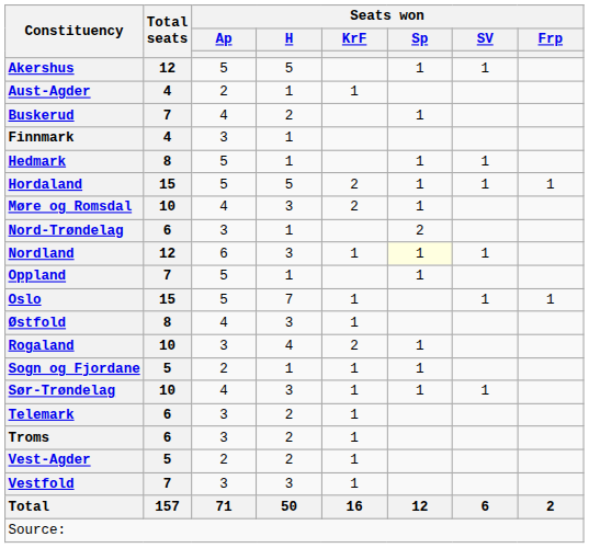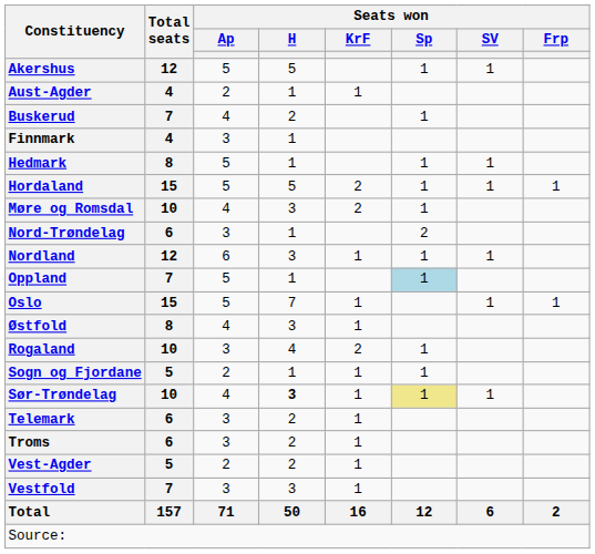 <table class="wikitable" style="text-align:center; font-size: 0.9em;">
 <tr>
 <th rowspan="3">Constituency</th>
 <th rowspan="3">Total<br>seats</th>
 <th colspan="6">Seats won</th>
 </tr>
 <tr>
 <th class="unsortable" style="width:50px;"><a href='#'>Ap</a></th>
 <th class="unsortable" style="width:50px;"><a href='#'>H</a></th>
 <th class="unsortable" style="width:50px;"><a href='#'>KrF</a></th>
 <th class="unsortable" style="width:50px;"><a href='#'>Sp</a></th>
 <th class="unsortable" style="width:50px;"><a href='#'>SV</a></th>
 <th class="unsortable" style="width:50px;"><a href='#'>Frp</a></th>
 </tr>
 <tr>
 <th style="background:"></th>
 <th style="background:"></th>
 <th style="background:"></th>
 <th style="background:"></th>
 <th style="background:"></th>
 <th style="background:"></th>
 </tr>
 <tr>
 <th style="text-align: left;"><a href='#'>Akershus</a></th>
 <th>12</th>
 <td>5</td>
 <td>5</td>
 <td></td>
 <td>1</td>
 <td>1</td>
 <td></td>
 </tr>
 <tr>
 <th style="text-align: left;"><a href='#'>Aust-Agder</a></th>
 <th>4</th>
 <td>2</td>
 <td>1</td>
 <td>1</td>
 <td></td>
 <td></td>
 <td></td>
 </tr>
 <tr>
 <th style="text-align: left;"><a href='#'>Buskerud</a></th>
 <th>7</th>
 <td>4</td>
 <td>2</td>
 <td></td>
 <td>1</td>
 <td></td>
 <td></td>
 </tr>
 <tr>
 <th style="text-align: left;">Finnmark</th>
 <th>4</th>
 <td>3</td>
 <td>1</td>
 <td></td>
 <td></td>
 <td></td>
 <td></td>
 </tr>
 <tr>
 <th style="text-align: left;"><a href='#'>Hedmark</a></th>
 <th>8</th>
 <td>5</td>
 <td>1</td>
 <td></td>
 <td>1</td>
 <td>1</td>
 <td></td>
 </tr>
 <tr>
 <th style="text-align: left;"><a href='#'>Hordaland</a></th>
 <th>15</th>
 <td>5</td>
 <td>5</td>
 <td>2</td>
 <td>1</td>
 <td>1</td>
 <td>1</td>
 </tr>
 <tr>
 <th style="text-align: left;"><a href='#'>Møre og Romsdal</a></th>
 <th>10</th>
 <td>4</td>
 <td>3</td>
 <td>2</td>
 <td>1</td>
 <td></td>
 <td></td>
 </tr>
 <tr>
 <th style="text-align: left;"><a href='#'>Nord-Trøndelag</a></th>
 <th>6</th>
 <td>3</td>
 <td>1</td>
 <td></td>
 <td>2</td>
 <td></td>
 <td></td>
 </tr>
 <tr>
 <th style="text-align: left;"><a href='#'>Nordland</a></th>
 <th>12</th>
 <td>6</td>
 <td>3</td>
 <td>1</td>
-<td style="background: lightyellow;">1</td>
+<td>1</td>
 <td>1</td>
 <td></td>
 </tr>
 <tr>
 <th style="text-align: left;"><a href='#'>Oppland</a></th>
 <th>7</th>
 <td>5</td>
 <td>1</td>
 <td></td>
-<td>1</td>
+<td style="background: lightblue;">1</td>
 <td></td>
 <td></td>
 </tr>
 <tr>
 <th style="text-align: left;"><a href='#'>Oslo</a></th>
 <th>15</th>
 <td>5</td>
 <td>7</td>
 <td>1</td>
 <td></td>
 <td>1</td>
 <td>1</td>
 </tr>
 <tr>
 <th style="text-align: left;"><a href='#'>Østfold</a></th>
 <th>8</th>
 <td>4</td>
 <td>3</td>
 <td>1</td>
 <td></td>
 <td></td>
 <td></td>
 </tr>
 <tr>
 <th style="text-align: left;"><a href='#'>Rogaland</a></th>
 <th>10</th>
 <td>3</td>
 <td>4</td>
 <td>2</td>
 <td>1</td>
 <td></td>
 <td></td>
 </tr>
 <tr>
 <th style="text-align: left;"><a href='#'>Sogn og Fjordane</a></th>
 <th>5</th>
 <td>2</td>
 <td>1</td>
 <td>1</td>
 <td>1</td>
 <td></td>
 <td></td>
 </tr>
 <tr>
 <th style="text-align: left;"><a href='#'>Sør-Trøndelag</a></th>
 <th>10</th>
 <td>4</td>
-<td>3</td>
+<td><strong>3</strong></td>
 <td>1</td>
-<td>1</td>
+<td style="background: khaki;">1</td>
 <td>1</td>
 <td></td>
 </tr>
 <tr>
 <th style="text-align: left;"><a href='#'>Telemark</a></th>
 <th>6</th>
 <td>3</td>
 <td>2</td>
 <td>1</td>
 <td></td>
 <td></td>
 <td></td>
 </tr>
 <tr>
 <th style="text-align: left;">Troms</th>
 <th>6</th>
 <td>3</td>
 <td>2</td>
 <td>1</td>
 <td></td>
 <td></td>
 <td></td>
 </tr>
 <tr>
 <th style="text-align: left;"><a href='#'>Vest-Agder</a></th>
 <th>5</th>
 <td>2</td>
 <td>2</td>
 <td>1</td>
 <td></td>
 <td></td>
 <td></td>
 </tr>
 <tr>
 <th style="text-align: left;"><a href='#'>Vestfold</a></th>
 <th>7</th>
 <td>3</td>
 <td>3</td>
 <td>1</td>
 <td></td>
 <td></td>
 <td></td>
 </tr>
 <tr>
 <th style="text-align: left;">Total</th>
 <th>157</th>
 <th>71</th>
 <th>50</th>
 <th>16</th>
 <th>12</th>
 <th>6</th>
 <th>2</th>
 </tr>
 <tr>
 <td align=left colspan="8">Source: </td>
 </tr>
 </table>
